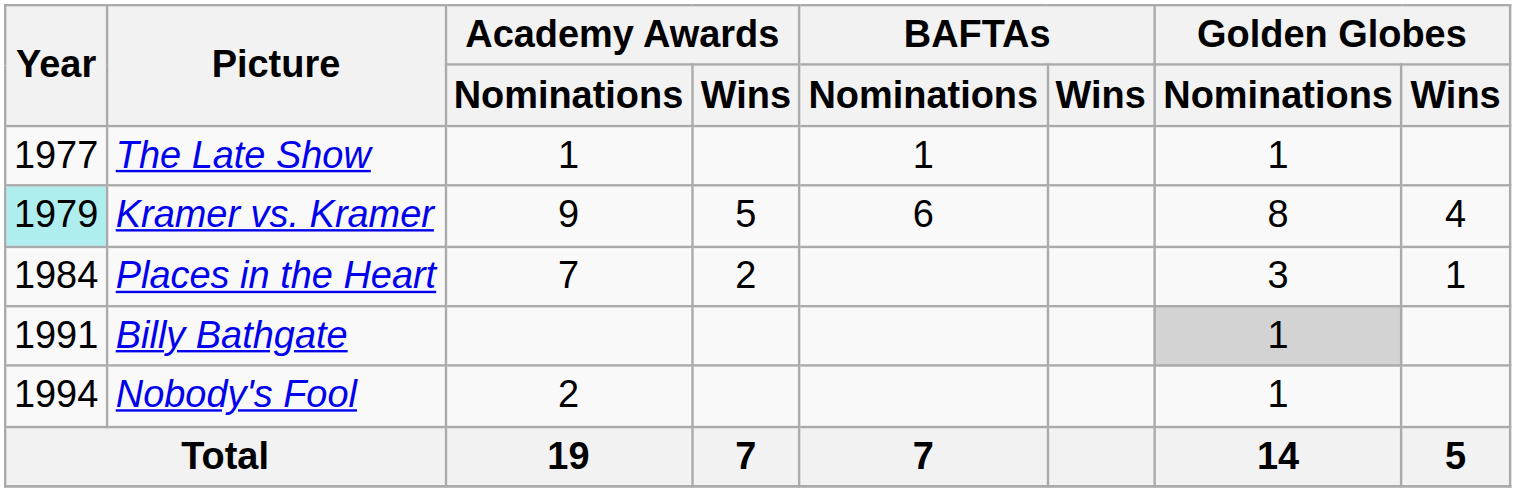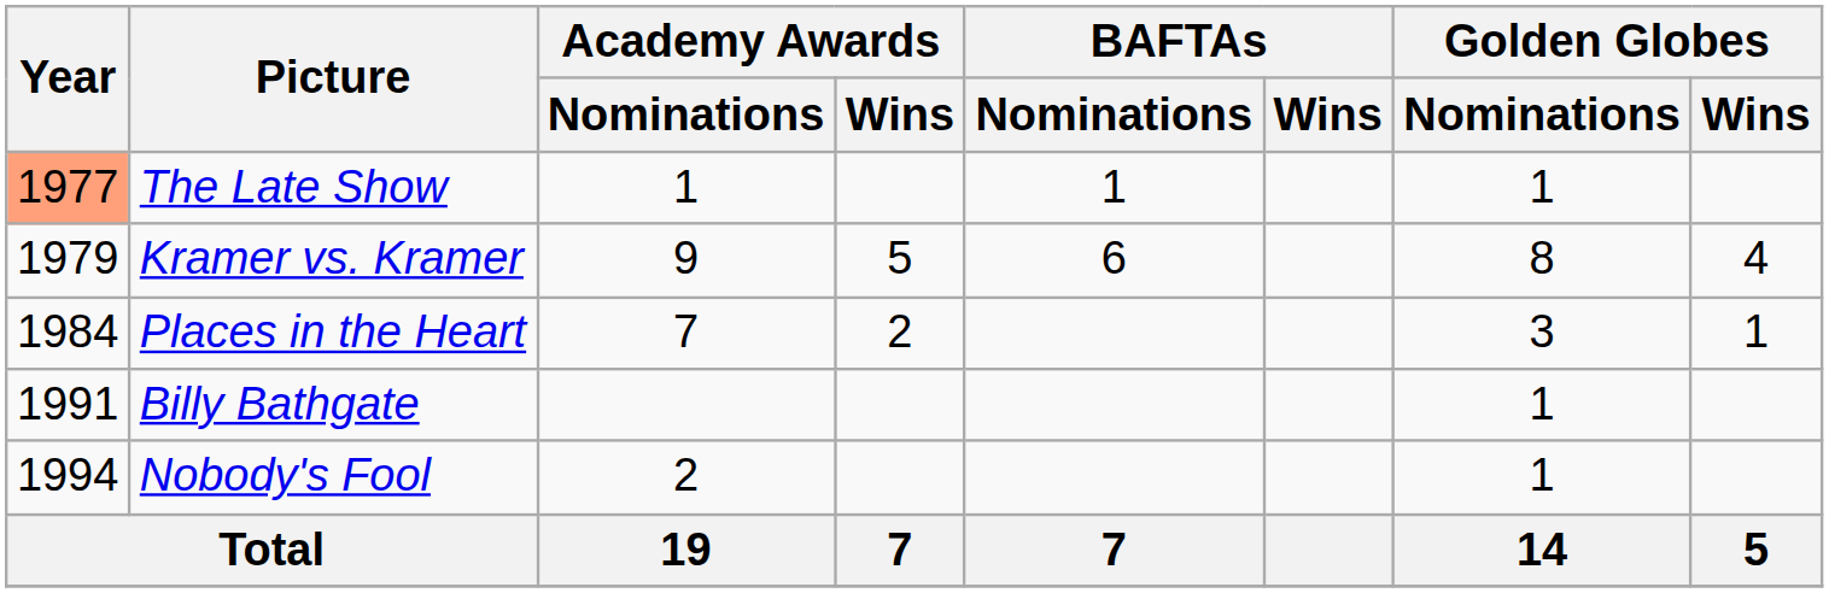 <table class="wikitable">
 <tr>
 <th rowspan="2">Year</th>
 <th rowspan="2">Picture</th>
 <th colspan="2">Academy Awards</th>
 <th colspan="2">BAFTAs</th>
 <th colspan="2">Golden Globes</th>
 </tr>
 <tr>
 <th>Nominations</th>
 <th>Wins</th>
 <th>Nominations</th>
 <th>Wins</th>
 <th>Nominations</th>
 <th>Wins</th>
 </tr>
 <tr>
-<td>1977</td>
+<td style="background: lightsalmon;">1977</td>
 <td><em><a href='#'>The Late Show</a></em></td>
 <td align=center>1</td>
 <td></td>
 <td align=center>1</td>
 <td></td>
 <td align=center>1</td>
 <td></td>
 </tr>
 <tr>
-<td style="background: paleturquoise;">1979</td>
+<td>1979</td>
 <td><em><a href='#'>Kramer vs. Kramer</a></em></td>
 <td align=center>9</td>
 <td align=center>5</td>
 <td align=center>6</td>
 <td></td>
 <td align=center>8</td>
 <td align=center>4</td>
 </tr>
 <tr>
 <td>1984</td>
 <td><em><a href='#'>Places in the Heart</a></em></td>
 <td align=center>7</td>
 <td align=center>2</td>
 <td></td>
 <td></td>
 <td align=center>3</td>
 <td align=center>1</td>
 </tr>
 <tr>
 <td>1991</td>
 <td><em><a href='#'>Billy Bathgate</a></em></td>
 <td></td>
 <td></td>
 <td></td>
 <td></td>
-<td align=center style="background: lightgrey;">1</td>
+<td align=center>1</td>
 <td></td>
 </tr>
 <tr>
 <td>1994</td>
 <td><em><a href='#'>Nobody's Fool</a></em></td>
 <td align=center>2</td>
 <td></td>
 <td></td>
 <td></td>
 <td align=center>1</td>
 <td></td>
 </tr>
 <tr>
 <th colspan="2">Total</th>
 <th>19</th>
 <th>7</th>
 <th>7</th>
 <th></th>
 <th>14</th>
 <th>5</th>
 </tr>
 <tr>
 </tr>
 </table>
